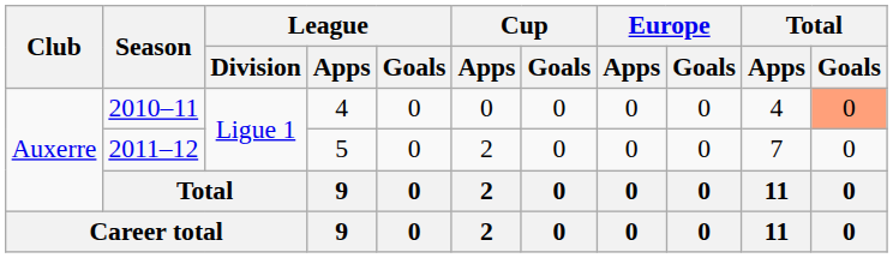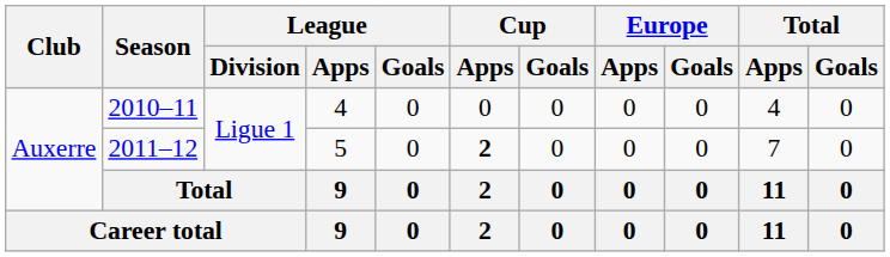 <table class="wikitable" style="text-align:center">
 <tr>
 <th rowspan="2">Club</th>
 <th rowspan="2">Season</th>
 <th colspan="3">League</th>
 <th colspan="2">Cup</th>
 <th colspan="2"><a href='#'>Europe</a></th>
 <th colspan="2">Total</th>
 </tr>
 <tr>
 <th>Division</th>
 <th>Apps</th>
 <th>Goals</th>
 <th>Apps</th>
 <th>Goals</th>
 <th>Apps</th>
 <th>Goals</th>
 <th>Apps</th>
 <th>Goals</th>
 </tr>
 <tr>
 <td rowspan="3"><a href='#'>Auxerre</a></td>
 <td><a href='#'>2010–11</a></td>
 <td rowspan="2"><a href='#'>Ligue 1</a></td>
 <td>4</td>
 <td>0</td>
 <td>0</td>
 <td>0</td>
 <td>0</td>
 <td>0</td>
 <td>4</td>
-<td style="background: lightsalmon;">0</td>
+<td>0</td>
 </tr>
 <tr>
 <td><a href='#'>2011–12</a></td>
 <td>5</td>
 <td>0</td>
-<td>2</td>
+<td><strong>2</strong></td>
 <td>0</td>
 <td>0</td>
 <td>0</td>
 <td>7</td>
 <td>0</td>
 </tr>
 <tr>
 <th colspan="2">Total</th>
 <th>9</th>
 <th>0</th>
 <th>2</th>
 <th>0</th>
 <th>0</th>
 <th>0</th>
 <th>11</th>
 <th>0</th>
 </tr>
 <tr>
 <th colspan="3">Career total</th>
 <th>9</th>
 <th>0</th>
 <th>2</th>
 <th>0</th>
 <th>0</th>
 <th>0</th>
 <th>11</th>
 <th>0</th>
 </tr>
 </table>
